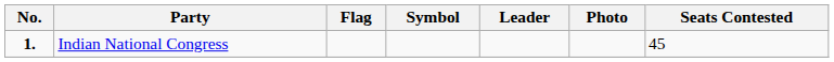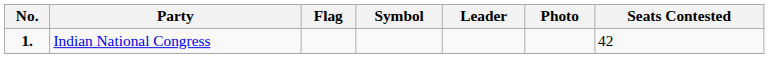 <table class="wikitable"  " width="50%">
 <tr>
 <th>No.</th>
 <th>Party</th>
 <th>Flag</th>
 <th>Symbol</th>
 <th>Leader</th>
 <th>Photo</th>
 <th>Seats Contested</th>
 </tr>
 <tr>
 <td ! style="text-align:center; background:"><strong>1.</strong></td>
 <td><a href='#'>Indian National Congress</a></td>
 <td></td>
 <td></td>
 <td></td>
 <td></td>
-<td>45</td>
+<td>42</td>
 </tr>
 <tr>
 </tr>
 </table>
